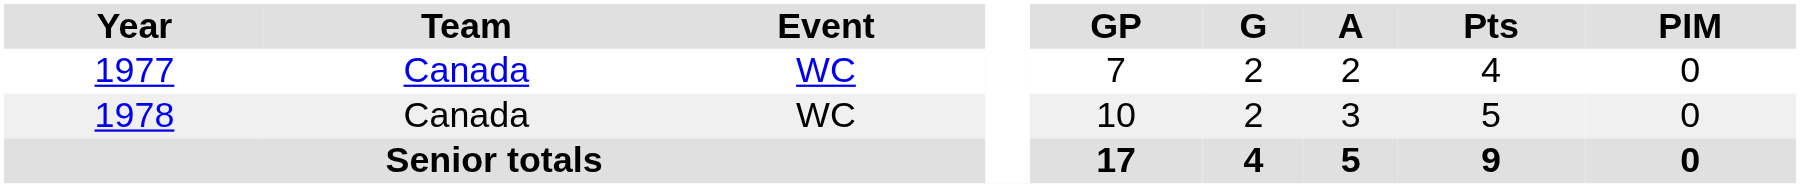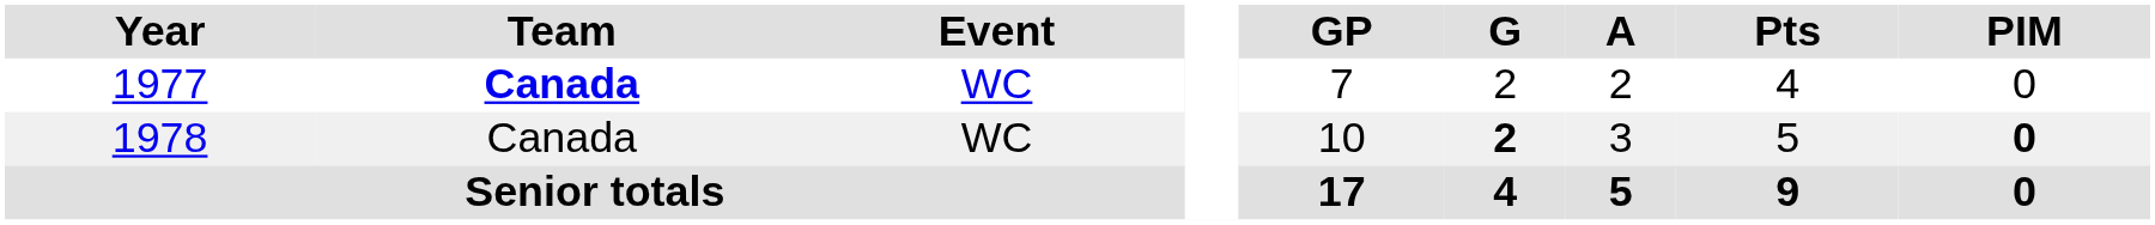 <table border="0" cellpadding="1" cellspacing="0" style="text-align:center; width:50em">
 <tr ALIGN="center" bgcolor="#e0e0e0">
 <th>Year</th>
 <th>Team</th>
 <th>Event</th>
 <th rowspan="99" bgcolor="#ffffff"> </th>
 <th>GP</th>
 <th>G</th>
 <th>A</th>
 <th>Pts</th>
 <th>PIM</th>
 </tr>
 <tr>
 <td><a href='#'>1977</a></td>
-<td><a href='#'>Canada</a></td>
+<td><strong><a href='#'>Canada</a></strong></td>
 <td><a href='#'>WC</a></td>
 <td>7</td>
 <td>2</td>
 <td>2</td>
 <td>4</td>
 <td>0</td>
 </tr>
 <tr bgcolor="#f0f0f0">
 <td><a href='#'>1978</a></td>
 <td>Canada</td>
 <td>WC</td>
 <td>10</td>
-<td>2</td>
+<td><strong>2</strong></td>
 <td>3</td>
 <td>5</td>
-<td>0</td>
+<td><strong>0</strong></td>
 </tr>
 <tr style="background:#e0e0e0;">
 <th colspan="3">Senior totals</th>
 <th>17</th>
 <th>4</th>
 <th>5</th>
 <th>9</th>
 <th>0</th>
 </tr>
 </table>
